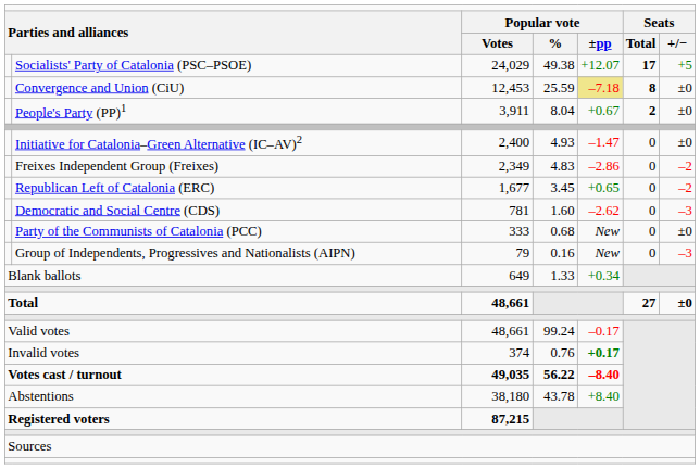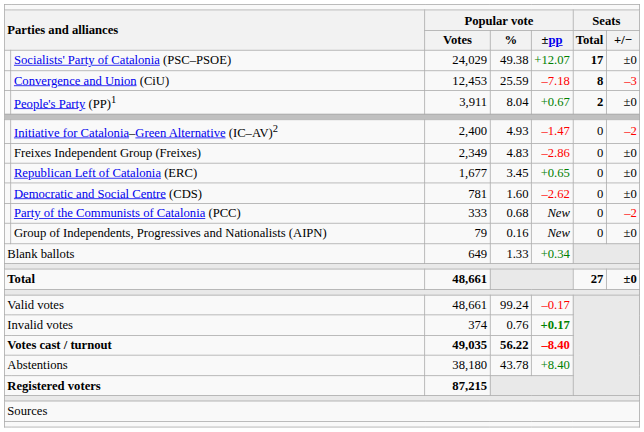 <table class="wikitable" style="text-align:right;">
 <tr>
 <td colspan="7"></td>
 </tr>
 <tr>
 <th style="text-align:left;" rowspan="2" colspan="2" width="525">Parties and alliances</th>
 <th colspan="3">Popular vote</th>
 <th colspan="2">Seats</th>
 </tr>
 <tr>
 <th width="75">Votes</th>
 <th width="45">%</th>
 <th width="45">±<a href='#'>pp</a></th>
 <th width="35">Total</th>
 <th width="35">+/−</th>
 </tr>
 <tr>
 <td width="1" style="color:inherit;background:"></td>
 <td align="left"><a href='#'>Socialists' Party of Catalonia</a> (PSC–PSOE)</td>
 <td>24,029</td>
 <td>49.38</td>
 <td style="color:green;">+12.07</td>
 <td><strong>17</strong></td>
-<td style="color:green;">+5</td>
+<td>±0</td>
 </tr>
 <tr>
 <td style="color:inherit;background:"></td>
 <td align="left"><a href='#'>Convergence and Union</a> (CiU)</td>
 <td>12,453</td>
 <td>25.59</td>
-<td style="background: khaki; color:red;">–7.18</td>
+<td style="color:red;">–7.18</td>
 <td><strong>8</strong></td>
-<td>±0</td>
+<td style="color:red;">–3</td>
 </tr>
 <tr>
 <td style="color:inherit;background:"></td>
 <td align="left"><a href='#'>People's Party</a> (PP)<sup>1</sup></td>
 <td>3,911</td>
 <td>8.04</td>
 <td style="color:green;">+0.67</td>
 <td><strong>2</strong></td>
 <td>±0</td>
 </tr>
 <tr>
 <td colspan="7" style="color:inherit;background:#C0C0C0"></td>
 </tr>
 <tr>
 <td style="color:inherit;background:"></td>
 <td align="left"><a href='#'>Initiative for Catalonia</a>–<a href='#'>Green Alternative</a> (IC–AV)<sup>2</sup></td>
 <td>2,400</td>
 <td>4.93</td>
 <td style="color:red;">–1.47</td>
 <td>0</td>
-<td>±0</td>
+<td style="color:red;">–2</td>
 </tr>
 <tr>
 <td style="color:inherit;background:"></td>
 <td align="left">Freixes Independent Group (Freixes)</td>
 <td>2,349</td>
 <td>4.83</td>
 <td style="color:red;">–2.86</td>
 <td>0</td>
-<td style="color:red;">–2</td>
+<td>±0</td>
 </tr>
 <tr>
 <td style="color:inherit;background:"></td>
 <td align="left"><a href='#'>Republican Left of Catalonia</a> (ERC)</td>
 <td>1,677</td>
 <td>3.45</td>
 <td style="color:green;">+0.65</td>
 <td>0</td>
-<td style="color:red;">–2</td>
+<td>±0</td>
 </tr>
 <tr>
 <td style="color:inherit;background:"></td>
 <td align="left"><a href='#'>Democratic and Social Centre</a> (CDS)</td>
 <td>781</td>
 <td>1.60</td>
 <td style="color:red;">–2.62</td>
 <td>0</td>
-<td style="color:red;">–3</td>
+<td>±0</td>
 </tr>
 <tr>
 <td style="color:inherit;background:"></td>
 <td align="left"><a href='#'>Party of the Communists of Catalonia</a> (PCC)</td>
 <td>333</td>
 <td>0.68</td>
 <td><em>New</em></td>
 <td>0</td>
-<td>±0</td>
+<td style="color:red;">–2</td>
 </tr>
 <tr>
 <td style="color:inherit;background:"></td>
 <td align="left">Group of Independents, Progressives and Nationalists (AIPN)</td>
 <td>79</td>
 <td>0.16</td>
 <td><em>New</em></td>
 <td>0</td>
-<td style="color:red;">–3</td>
+<td>±0</td>
 </tr>
 <tr>
 <td align="left" colspan="2">Blank ballots</td>
 <td>649</td>
 <td>1.33</td>
 <td style="color:green;">+0.34</td>
 <td style="color:inherit;background:#E9E9E9" colspan="2"></td>
 </tr>
 <tr>
 <td colspan="7" style="color:inherit;background:#E9E9E9"></td>
 </tr>
 <tr style="font-weight:bold;">
 <td align="left" colspan="2">Total</td>
 <td>48,661</td>
 <td bgcolor="#E9E9E9" colspan="2"></td>
 <td>27</td>
 <td>±0</td>
 </tr>
 <tr>
 <td colspan="7" style="color:inherit;background:#E9E9E9"></td>
 </tr>
 <tr>
 <td align="left" colspan="2">Valid votes</td>
 <td>48,661</td>
 <td>99.24</td>
 <td style="color:red;">–0.17</td>
 <td bgcolor="#E9E9E9" colspan="2" rowspan="5"></td>
 </tr>
 <tr>
 <td align="left" colspan="2">Invalid votes</td>
 <td>374</td>
 <td>0.76</td>
 <td style="color:green;"><strong>+0.17</strong></td>
 </tr>
 <tr style="font-weight:bold;">
 <td align="left" colspan="2">Votes cast / turnout</td>
 <td>49,035</td>
 <td>56.22</td>
 <td style="color:red;">–8.40</td>
 </tr>
 <tr>
 <td align="left" colspan="2">Abstentions</td>
 <td>38,180</td>
 <td>43.78</td>
 <td style="color:green;">+8.40</td>
 </tr>
 <tr style="font-weight:bold;">
 <td align="left" colspan="2">Registered voters</td>
 <td>87,215</td>
 <td bgcolor="#E9E9E9" colspan="2"></td>
 </tr>
 <tr>
 <td colspan="7" style="color:inherit;background:#E9E9E9"></td>
 </tr>
 <tr>
 <td align="left" colspan="7">Sources</td>
 </tr>
 <tr>
 <td colspan="7" style="text-align:left; max-width:790px;"></td>
 </tr>
 </table>
